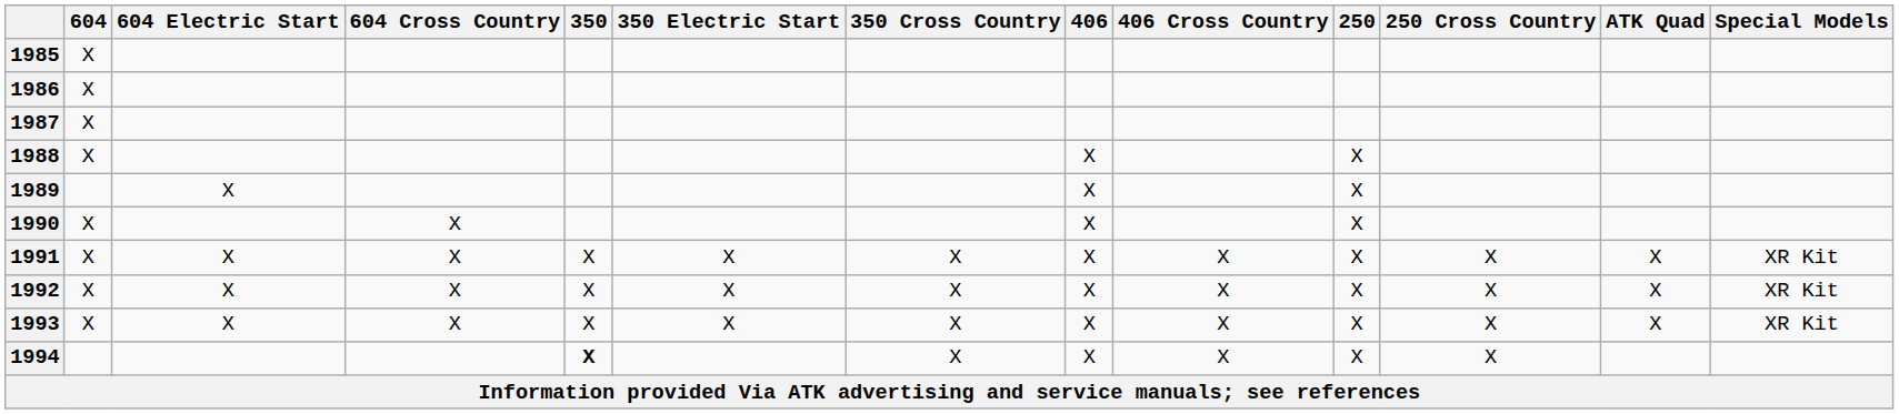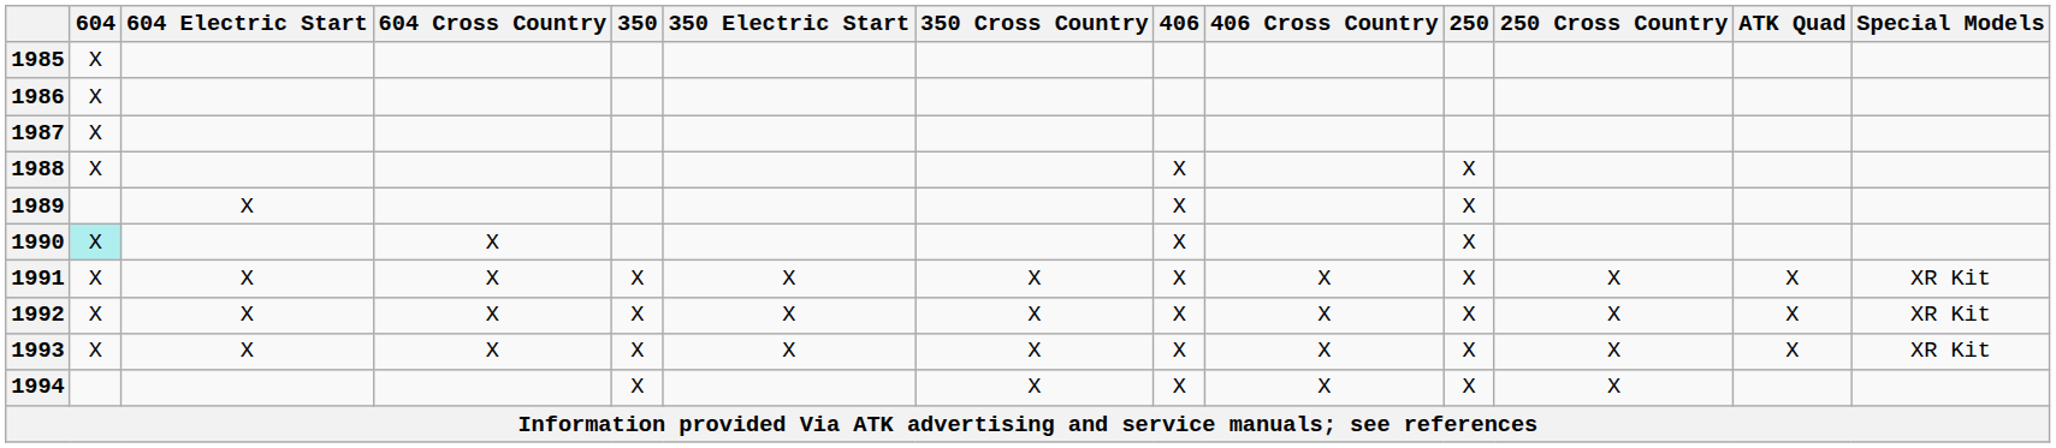 <table class="wikitable" style="text-align: center;">
 <tr>
 <th></th>
 <th>604</th>
 <th>604 Electric Start</th>
 <th>604 Cross Country</th>
 <th>350</th>
 <th>350 Electric Start</th>
 <th>350 Cross Country</th>
 <th>406</th>
 <th>406 Cross Country</th>
 <th>250</th>
 <th>250 Cross Country</th>
 <th>ATK Quad</th>
 <th>Special Models</th>
 </tr>
 <tr>
 <th>1985</th>
 <td>X</td>
 <td></td>
 <td></td>
 <td></td>
 <td></td>
 <td></td>
 <td></td>
 <td></td>
 <td></td>
 <td></td>
 <td></td>
 <td></td>
 </tr>
 <tr>
 <th>1986</th>
 <td>X</td>
 <td></td>
 <td></td>
 <td></td>
 <td></td>
 <td></td>
 <td></td>
 <td></td>
 <td></td>
 <td></td>
 <td></td>
 <td></td>
 </tr>
 <tr>
 <th>1987</th>
 <td>X</td>
 <td></td>
 <td></td>
 <td></td>
 <td></td>
 <td></td>
 <td></td>
 <td></td>
 <td></td>
 <td></td>
 <td></td>
 <td></td>
 </tr>
 <tr>
 <th>1988</th>
 <td>X</td>
 <td></td>
 <td></td>
 <td></td>
 <td></td>
 <td></td>
 <td>X</td>
 <td></td>
 <td>X</td>
 <td></td>
 <td></td>
 <td></td>
 </tr>
 <tr>
 <th>1989</th>
 <td></td>
 <td>X</td>
 <td></td>
 <td></td>
 <td></td>
 <td></td>
 <td>X</td>
 <td></td>
 <td>X</td>
 <td></td>
 <td></td>
 <td></td>
 </tr>
 <tr>
 <th>1990</th>
-<td>X</td>
+<td style="background: paleturquoise;">X</td>
 <td></td>
 <td>X</td>
 <td></td>
 <td></td>
 <td></td>
 <td>X</td>
 <td></td>
 <td>X</td>
 <td></td>
 <td></td>
 <td></td>
 </tr>
 <tr>
 <th>1991</th>
 <td>X</td>
 <td>X</td>
 <td>X</td>
 <td>X</td>
 <td>X</td>
 <td>X</td>
 <td>X</td>
 <td>X</td>
 <td>X</td>
 <td>X</td>
 <td>X</td>
 <td>XR Kit</td>
 </tr>
 <tr>
 <th>1992</th>
 <td>X</td>
 <td>X</td>
 <td>X</td>
 <td>X</td>
 <td>X</td>
 <td>X</td>
 <td>X</td>
 <td>X</td>
 <td>X</td>
 <td>X</td>
 <td>X</td>
 <td>XR Kit</td>
 </tr>
 <tr>
 <th>1993</th>
 <td>X</td>
 <td>X</td>
 <td>X</td>
 <td>X</td>
 <td>X</td>
 <td>X</td>
 <td>X</td>
 <td>X</td>
 <td>X</td>
 <td>X</td>
 <td>X</td>
 <td>XR Kit</td>
 </tr>
 <tr>
 <th>1994</th>
 <td></td>
 <td></td>
 <td></td>
-<td><strong>X</strong></td>
+<td>X</td>
 <td></td>
 <td>X</td>
 <td>X</td>
 <td>X</td>
 <td>X</td>
 <td>X</td>
 <td></td>
 <td></td>
 </tr>
 <tr>
 <th colspan="13">Information provided Via ATK advertising and service manuals; see references</th>
 </tr>
 </table>
